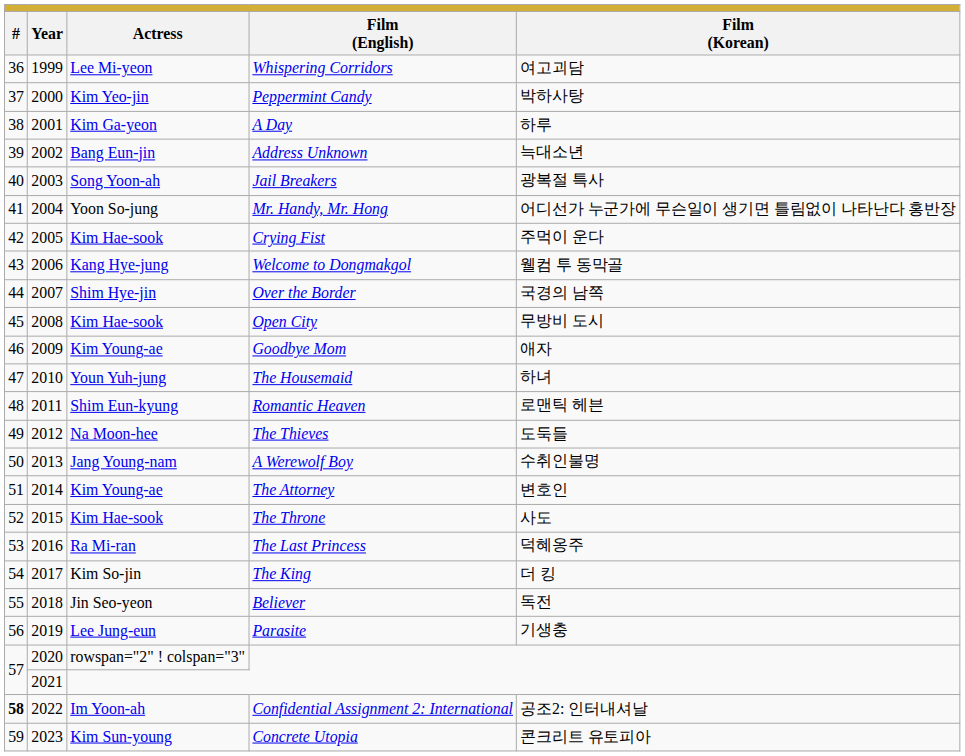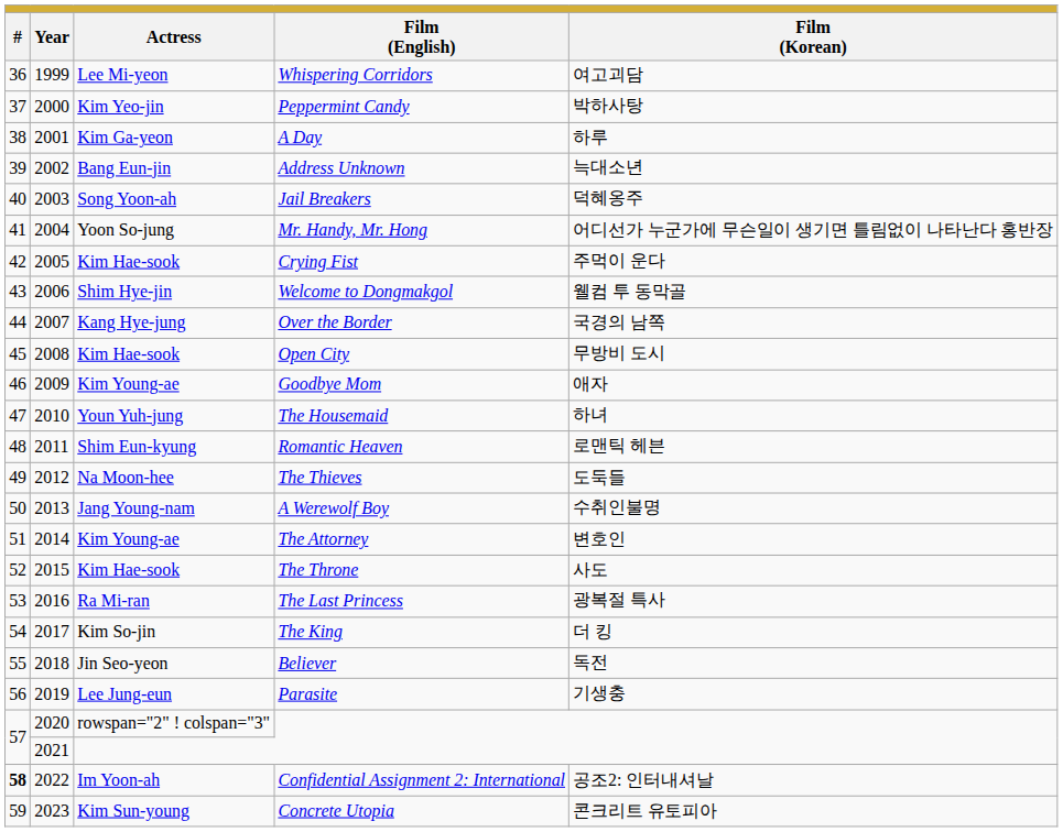 <table class="wikitable collapsible collapsed">
 <tr>
 <th colspan="5" style="background: #D4AF37;"></th>
 </tr>
 <tr>
 <th>#</th>
 <th>Year</th>
 <th>Actress</th>
 <th>Film<br>(English)</th>
 <th>Film<br>(Korean)</th>
 </tr>
 <tr>
 <td>36</td>
 <td>1999</td>
 <td><a href='#'>Lee Mi-yeon</a></td>
 <td><em><a href='#'>Whispering Corridors</a></em></td>
 <td>여고괴담</td>
 </tr>
 <tr>
 <td>37</td>
 <td>2000</td>
 <td><a href='#'>Kim Yeo-jin</a></td>
 <td><em><a href='#'>Peppermint Candy</a></em></td>
 <td>박하사탕</td>
 </tr>
 <tr>
 <td>38</td>
 <td>2001</td>
 <td><a href='#'>Kim Ga-yeon</a></td>
 <td><em><a href='#'>A Day</a></em></td>
 <td>하루</td>
 </tr>
 <tr>
 <td>39</td>
 <td>2002</td>
 <td><a href='#'>Bang Eun-jin</a></td>
 <td><em><a href='#'>Address Unknown</a></em></td>
 <td>늑대소년</td>
 </tr>
 <tr>
 <td>40</td>
 <td>2003</td>
 <td><a href='#'>Song Yoon-ah</a></td>
 <td><em><a href='#'>Jail Breakers</a></em></td>
-<td>광복절 특사</td>
+<td>덕혜옹주</td>
 </tr>
 <tr>
 <td>41</td>
 <td>2004</td>
 <td>Yoon So-jung</td>
 <td><em><a href='#'>Mr. Handy, Mr. Hong</a></em></td>
 <td>어디선가 누군가에 무슨일이 생기면 틀림없이 나타난다 홍반장</td>
 </tr>
 <tr>
 <td>42</td>
 <td>2005</td>
 <td><a href='#'>Kim Hae-sook</a></td>
 <td><em><a href='#'>Crying Fist</a></em></td>
 <td>주먹이 운다</td>
 </tr>
 <tr>
 <td>43</td>
 <td>2006</td>
-<td><a href='#'>Kang Hye-jung</a></td>
+<td><a href='#'>Shim Hye-jin</a></td>
 <td><em><a href='#'>Welcome to Dongmakgol</a></em></td>
 <td>웰컴 투 동막골</td>
 </tr>
 <tr>
 <td>44</td>
 <td>2007</td>
-<td><a href='#'>Shim Hye-jin</a></td>
+<td><a href='#'>Kang Hye-jung</a></td>
 <td><em><a href='#'>Over the Border</a></em></td>
 <td>국경의 남쪽</td>
 </tr>
 <tr>
 <td>45</td>
 <td>2008</td>
 <td><a href='#'>Kim Hae-sook</a></td>
 <td><em><a href='#'>Open City</a></em></td>
 <td>무방비 도시</td>
 </tr>
 <tr>
 <td>46</td>
 <td>2009</td>
 <td><a href='#'>Kim Young-ae</a></td>
 <td><em><a href='#'>Goodbye Mom</a></em></td>
 <td>애자</td>
 </tr>
 <tr>
 <td>47</td>
 <td>2010</td>
 <td><a href='#'>Youn Yuh-jung</a></td>
 <td><em><a href='#'>The Housemaid</a></em></td>
 <td>하녀</td>
 </tr>
 <tr>
 <td>48</td>
 <td>2011</td>
 <td><a href='#'>Shim Eun-kyung</a></td>
 <td><em><a href='#'>Romantic Heaven</a></em></td>
 <td>로맨틱 헤븐</td>
 </tr>
 <tr>
 <td>49</td>
 <td>2012</td>
 <td><a href='#'>Na Moon-hee</a></td>
 <td><em><a href='#'>The Thieves</a></em></td>
 <td>도둑들</td>
 </tr>
 <tr>
 <td>50</td>
 <td>2013</td>
 <td><a href='#'>Jang Young-nam</a></td>
 <td><em><a href='#'>A Werewolf Boy</a></em></td>
 <td>수취인불명</td>
 </tr>
 <tr>
 <td>51</td>
 <td>2014</td>
 <td><a href='#'>Kim Young-ae</a></td>
 <td><em><a href='#'>The Attorney</a></em></td>
 <td>변호인</td>
 </tr>
 <tr>
 <td>52</td>
 <td>2015</td>
 <td><a href='#'>Kim Hae-sook</a></td>
 <td><em><a href='#'>The Throne</a></em></td>
 <td>사도</td>
 </tr>
 <tr>
 <td>53</td>
 <td>2016</td>
 <td><a href='#'>Ra Mi-ran</a></td>
 <td><em><a href='#'>The Last Princess</a></em></td>
-<td>덕혜옹주</td>
+<td>광복절 특사</td>
 </tr>
 <tr>
 <td>54</td>
 <td>2017</td>
 <td>Kim So-jin</td>
 <td><em><a href='#'>The King</a></em></td>
 <td>더 킹</td>
 </tr>
 <tr>
 <td>55</td>
 <td>2018</td>
 <td>Jin Seo-yeon</td>
 <td><em><a href='#'>Believer</a></em></td>
 <td>독전</td>
 </tr>
 <tr>
 <td>56</td>
 <td>2019</td>
 <td><a href='#'>Lee Jung-eun</a></td>
 <td><em><a href='#'>Parasite</a></em></td>
 <td>기생충</td>
 </tr>
 <tr>
 <td rowspan="2">57</td>
 <td>2020</td>
 <td>rowspan="2" ! colspan="3" </td>
 </tr>
 <tr>
 <td>2021</td>
 </tr>
 <tr>
 <td><strong>58</strong></td>
 <td>2022</td>
 <td><a href='#'>Im Yoon-ah</a></td>
 <td><em><a href='#'>Confidential Assignment 2: International</a></em></td>
 <td>공조2: 인터내셔날</td>
 </tr>
 <tr>
 <td>59</td>
 <td>2023</td>
 <td><a href='#'>Kim Sun-young</a></td>
 <td><em><a href='#'>Concrete Utopia</a></em></td>
 <td>콘크리트 유토피아</td>
 </tr>
 </table>
